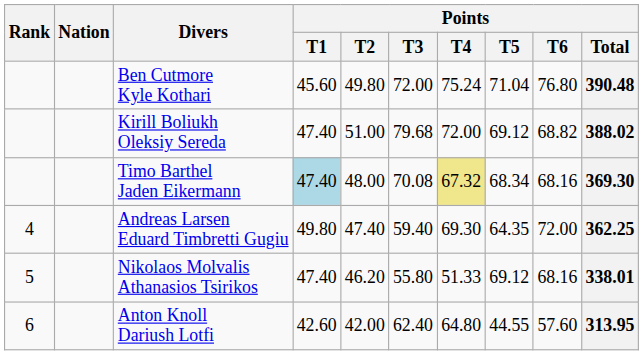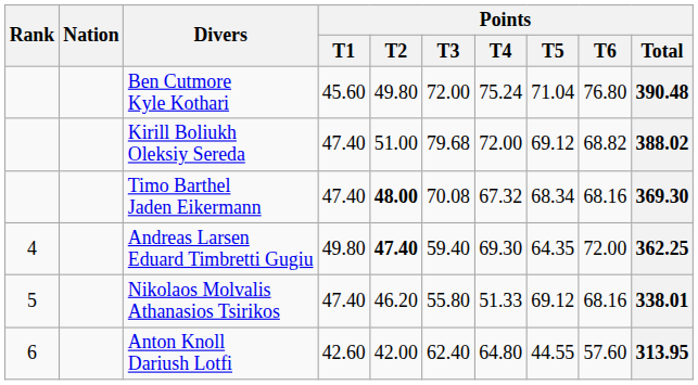 <table class="wikitable" style="text-align:center">
 <tr>
 <th rowspan=2>Rank</th>
 <th rowspan=2>Nation</th>
 <th rowspan=2>Divers</th>
 <th colspan=7>Points</th>
 </tr>
 <tr>
 <th>T1</th>
 <th>T2</th>
 <th>T3</th>
 <th>T4</th>
 <th>T5</th>
 <th>T6</th>
 <th>Total</th>
 </tr>
 <tr>
 <td></td>
 <td align=left></td>
 <td align=left><a href='#'>Ben Cutmore</a><br><a href='#'>Kyle Kothari</a></td>
 <td>45.60</td>
 <td>49.80</td>
 <td>72.00</td>
 <td>75.24</td>
 <td>71.04</td>
 <td>76.80</td>
 <th>390.48</th>
 </tr>
 <tr>
 <td></td>
 <td align=left></td>
 <td align=left><a href='#'>Kirill Boliukh</a><br><a href='#'>Oleksiy Sereda</a></td>
 <td>47.40</td>
 <td>51.00</td>
 <td>79.68</td>
 <td>72.00</td>
 <td>69.12</td>
 <td>68.82</td>
 <th>388.02</th>
 </tr>
 <tr>
 <td></td>
 <td align=left></td>
 <td align=left><a href='#'>Timo Barthel</a><br><a href='#'>Jaden Eikermann</a></td>
-<td style="background: lightblue;">47.40</td>
-<td>48.00</td>
+<td>47.40</td>
+<td><strong>48.00</strong></td>
 <td>70.08</td>
-<td style="background: khaki;">67.32</td>
+<td>67.32</td>
 <td>68.34</td>
 <td>68.16</td>
 <th>369.30</th>
 </tr>
 <tr>
 <td>4</td>
 <td align=left></td>
 <td align=left><a href='#'>Andreas Larsen</a><br><a href='#'>Eduard Timbretti Gugiu</a></td>
 <td>49.80</td>
-<td>47.40</td>
+<td><strong>47.40</strong></td>
 <td>59.40</td>
 <td>69.30</td>
 <td>64.35</td>
 <td>72.00</td>
 <th>362.25</th>
 </tr>
 <tr>
 <td>5</td>
 <td align=left></td>
 <td align=left><a href='#'>Nikolaos Molvalis</a><br><a href='#'>Athanasios Tsirikos</a></td>
 <td>47.40</td>
 <td>46.20</td>
 <td>55.80</td>
 <td>51.33</td>
 <td>69.12</td>
 <td>68.16</td>
 <th>338.01</th>
 </tr>
 <tr>
 <td>6</td>
 <td align=left></td>
 <td align=left><a href='#'>Anton Knoll</a><br><a href='#'>Dariush Lotfi</a></td>
 <td>42.60</td>
 <td>42.00</td>
 <td>62.40</td>
 <td>64.80</td>
 <td>44.55</td>
 <td>57.60</td>
 <th>313.95</th>
 </tr>
 </table>
